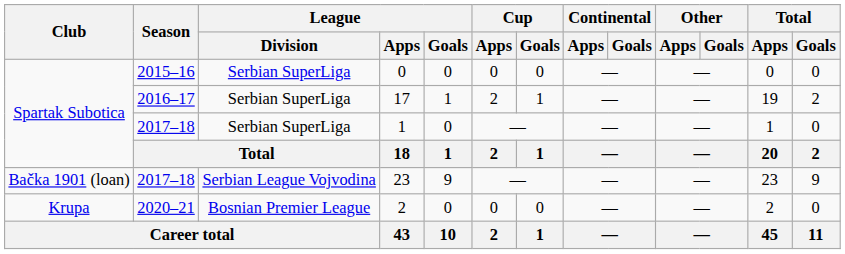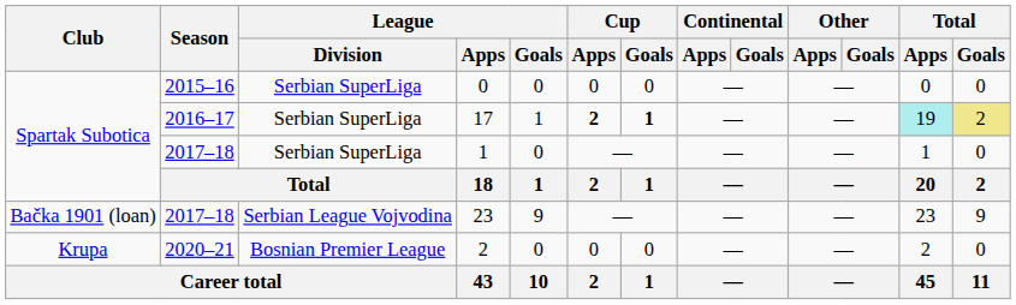 <table class="wikitable" style="text-align: center;font-size:90%">
 <tr>
 <th rowspan="2">Club</th>
 <th rowspan="2">Season</th>
 <th colspan="3">League</th>
 <th colspan="2">Cup</th>
 <th colspan="2">Continental</th>
 <th colspan="2">Other</th>
 <th colspan="2">Total</th>
 </tr>
 <tr>
 <th>Division</th>
 <th>Apps</th>
 <th>Goals</th>
 <th>Apps</th>
 <th>Goals</th>
 <th>Apps</th>
 <th>Goals</th>
 <th>Apps</th>
 <th>Goals</th>
 <th>Apps</th>
 <th>Goals</th>
 </tr>
 <tr>
 <td rowspan="4" valign="center"><a href='#'>Spartak Subotica</a></td>
 <td><a href='#'>2015–16</a></td>
 <td><a href='#'>Serbian SuperLiga</a></td>
 <td>0</td>
 <td>0</td>
 <td>0</td>
 <td>0</td>
 <td colspan="2">—</td>
 <td colspan="2">—</td>
 <td>0</td>
 <td>0</td>
 </tr>
 <tr>
 <td><a href='#'>2016–17</a></td>
 <td>Serbian SuperLiga</td>
 <td>17</td>
 <td>1</td>
-<td>2</td>
-<td>1</td>
+<td><strong>2</strong></td>
+<td><strong>1</strong></td>
 <td colspan="2">—</td>
 <td colspan="2">—</td>
-<td>19</td>
-<td>2</td>
+<td style="background: paleturquoise;">19</td>
+<td style="background: khaki;">2</td>
 </tr>
 <tr>
 <td><a href='#'>2017–18</a></td>
 <td>Serbian SuperLiga</td>
 <td>1</td>
 <td>0</td>
 <td colspan="2">—</td>
 <td colspan="2">—</td>
 <td colspan="2">—</td>
 <td>1</td>
 <td>0</td>
 </tr>
 <tr>
 <th colspan="2">Total</th>
 <th>18</th>
 <th>1</th>
 <th>2</th>
 <th>1</th>
 <th colspan="2">—</th>
 <th colspan="2">—</th>
 <th>20</th>
 <th>2</th>
 </tr>
 <tr>
 <td><a href='#'>Bačka 1901</a> (loan)</td>
 <td><a href='#'>2017–18</a></td>
 <td><a href='#'>Serbian League Vojvodina</a></td>
 <td>23</td>
 <td>9</td>
 <td colspan="2">—</td>
 <td colspan="2">—</td>
 <td colspan="2">—</td>
 <td>23</td>
 <td>9</td>
 </tr>
 <tr>
 <td><a href='#'>Krupa</a></td>
 <td><a href='#'>2020–21</a></td>
 <td><a href='#'>Bosnian Premier League</a></td>
 <td>2</td>
 <td>0</td>
 <td>0</td>
 <td>0</td>
 <td colspan="2">—</td>
 <td colspan="2">—</td>
 <td>2</td>
 <td>0</td>
 </tr>
 <tr>
 <th colspan="3">Career total</th>
 <th>43</th>
 <th>10</th>
 <th>2</th>
 <th>1</th>
 <th colspan="2">—</th>
 <th colspan="2">—</th>
 <th>45</th>
 <th>11</th>
 </tr>
 </table>
